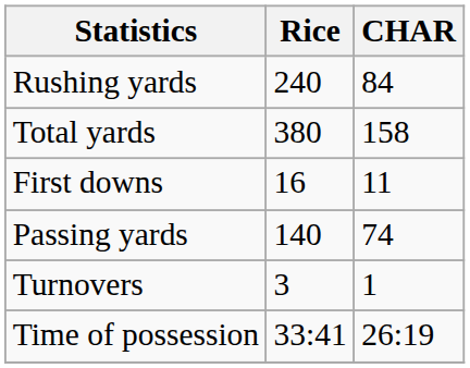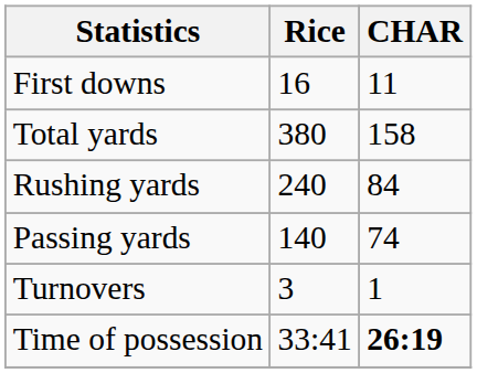 <table class="wikitable" style="float: left;">
 <tr>
 <th>Statistics</th>
 <th>Rice</th>
 <th>CHAR</th>
 </tr>
 <tr>
-<td>Rushing yards</td>
-<td>240</td>
-<td>84</td>
+<td>First downs</td>
+<td>16</td>
+<td>11</td>
 </tr>
 <tr>
 <td>Total yards</td>
 <td>380</td>
 <td>158</td>
 </tr>
 <tr>
-<td>First downs</td>
-<td>16</td>
-<td>11</td>
+<td>Rushing yards</td>
+<td>240</td>
+<td>84</td>
 </tr>
 <tr>
 <td>Passing yards</td>
 <td>140</td>
 <td>74</td>
 </tr>
 <tr>
 <td>Turnovers</td>
 <td>3</td>
 <td>1</td>
 </tr>
 <tr>
 <td>Time of possession</td>
 <td>33:41</td>
-<td>26:19</td>
+<td><strong>26:19</strong></td>
 </tr>
 <tr>
 </tr>
 </table>
